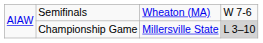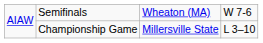 <table class="wikitable">
 <tr>
 <td rowspan="2"><a href='#'>AIAW</a></td>
 <td>Semifinals</td>
 <td><a href='#'>Wheaton (MA)</a></td>
 <td>W 7-6</td>
 </tr>
 <tr>
 <td>Championship Game</td>
 <td><a href='#'>Millersville State</a></td>
-<td style="background: lightgrey;">L 3–10</td>
+<td>L 3–10</td>
 </tr>
 </table>
